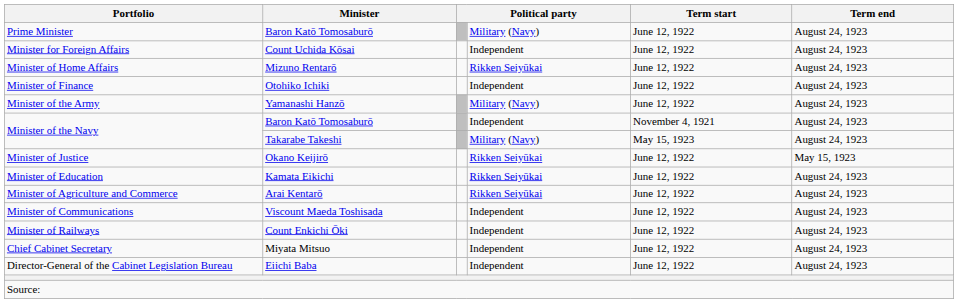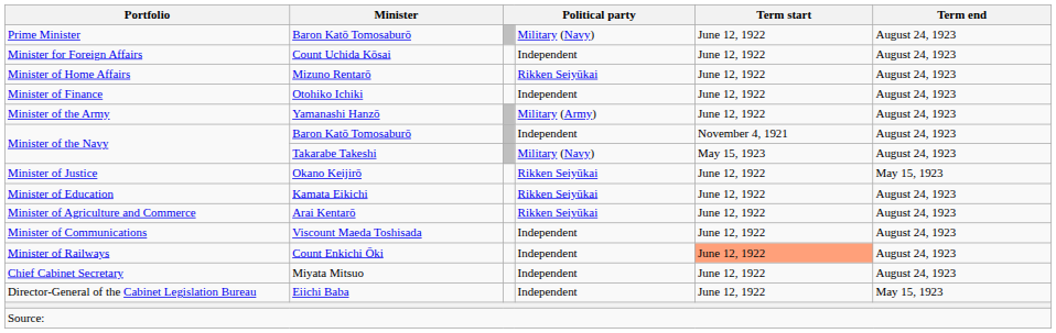 <table class="wikitable unsortable" style="font-size: 90%;">
 <tr>
 <th scope="col" width="20%">Portfolio</th>
 <th scope="col" width="15%">Minister</th>
 <th colspan="2" scope="col" width="13.5%">Political party</th>
 <th scope="col" width="12.5%">Term start</th>
 <th scope="col" width="12.5%">Term end</th>
 </tr>
 <tr>
 <td style="text-align: left;"><a href='#'>Prime Minister</a></td>
 <td><a href='#'>Baron Katō Tomosaburō</a></td>
 <td style="color:inherit;background:#bfbfbf"></td>
 <td><a href='#'>Military</a> (<a href='#'>Navy</a>)</td>
 <td>June 12, 1922</td>
 <td>August 24, 1923</td>
 </tr>
 <tr>
 <td><a href='#'>Minister for Foreign Affairs</a></td>
 <td><a href='#'>Count Uchida Kōsai</a></td>
 <td style="color:inherit;background:"></td>
 <td>Independent</td>
 <td>June 12, 1922</td>
 <td>August 24, 1923</td>
 </tr>
 <tr>
 <td><a href='#'>Minister of Home Affairs</a></td>
 <td><a href='#'>Mizuno Rentarō</a></td>
 <td style="color:inherit;background:"></td>
 <td><a href='#'>Rikken Seiyūkai</a></td>
 <td>June 12, 1922</td>
 <td>August 24, 1923</td>
 </tr>
 <tr>
 <td><a href='#'>Minister of Finance</a></td>
 <td><a href='#'>Otohiko Ichiki</a></td>
 <td style="color:inherit;background:"></td>
 <td>Independent</td>
 <td>June 12, 1922</td>
 <td>August 24, 1923</td>
 </tr>
 <tr>
 <td><a href='#'>Minister of the Army</a></td>
 <td><a href='#'>Yamanashi Hanzō</a></td>
 <td style="color:inherit;background:#bfbfbf"></td>
-<td><a href='#'>Military</a> (<a href='#'>Navy</a>)</td>
+<td><a href='#'>Military</a> (<a href='#'>Army</a>)</td>
 <td>June 12, 1922</td>
 <td>August 24, 1923</td>
 </tr>
 <tr>
 <td rowspan="2"><a href='#'>Minister of the Navy</a></td>
 <td><a href='#'>Baron Katō Tomosaburō</a></td>
 <td style="color:inherit;background:#bfbfbf"></td>
 <td>Independent</td>
 <td>November 4, 1921</td>
 <td>August 24, 1923</td>
 </tr>
 <tr>
 <td><a href='#'>Takarabe Takeshi</a></td>
 <td style="color:inherit;background:#bfbfbf"></td>
 <td><a href='#'>Military</a> (<a href='#'>Navy</a>)</td>
 <td>May 15, 1923</td>
 <td>August 24, 1923</td>
 </tr>
 <tr>
 <td><a href='#'>Minister of Justice</a></td>
 <td><a href='#'>Okano Keijirō</a></td>
 <td style="color:inherit;background:"></td>
 <td><a href='#'>Rikken Seiyūkai</a></td>
 <td>June 12, 1922</td>
 <td>May 15, 1923</td>
 </tr>
 <tr>
 <td><a href='#'>Minister of Education</a></td>
 <td><a href='#'>Kamata Eikichi</a></td>
 <td style="color:inherit;background:"></td>
 <td><a href='#'>Rikken Seiyūkai</a></td>
 <td>June 12, 1922</td>
 <td>August 24, 1923</td>
 </tr>
 <tr>
 <td><a href='#'>Minister of Agriculture and Commerce</a></td>
 <td><a href='#'>Arai Kentarō</a></td>
 <td style="color:inherit;background:"></td>
 <td><a href='#'>Rikken Seiyūkai</a></td>
 <td>June 12, 1922</td>
 <td>August 24, 1923</td>
 </tr>
 <tr>
 <td><a href='#'>Minister of Communications</a></td>
 <td><a href='#'>Viscount Maeda Toshisada</a></td>
 <td style="color:inherit;background:"></td>
 <td>Independent</td>
 <td>June 12, 1922</td>
 <td>August 24, 1923</td>
 </tr>
 <tr>
 <td><a href='#'>Minister of Railways</a></td>
 <td><a href='#'>Count Enkichi Ōki</a></td>
 <td style="color:inherit;background:"></td>
 <td>Independent</td>
-<td>June 12, 1922</td>
+<td style="background: lightsalmon;">June 12, 1922</td>
 <td>August 24, 1923</td>
 </tr>
 <tr>
 <td><a href='#'>Chief Cabinet Secretary</a></td>
 <td>Miyata Mitsuo</td>
 <td style="color:inherit;background:"></td>
 <td>Independent</td>
 <td>June 12, 1922</td>
 <td>August 24, 1923</td>
 </tr>
 <tr>
 <td>Director-General of the <a href='#'>Cabinet Legislation Bureau</a></td>
 <td><a href='#'>Eiichi Baba</a></td>
 <td style="color:inherit;background:"></td>
 <td>Independent</td>
 <td>June 12, 1922</td>
-<td>August 24, 1923</td>
+<td>May 15, 1923</td>
 </tr>
 <tr>
 <th colspan="6"></th>
 </tr>
 <tr>
 <td colspan="6">Source:</td>
 </tr>
 </table>
